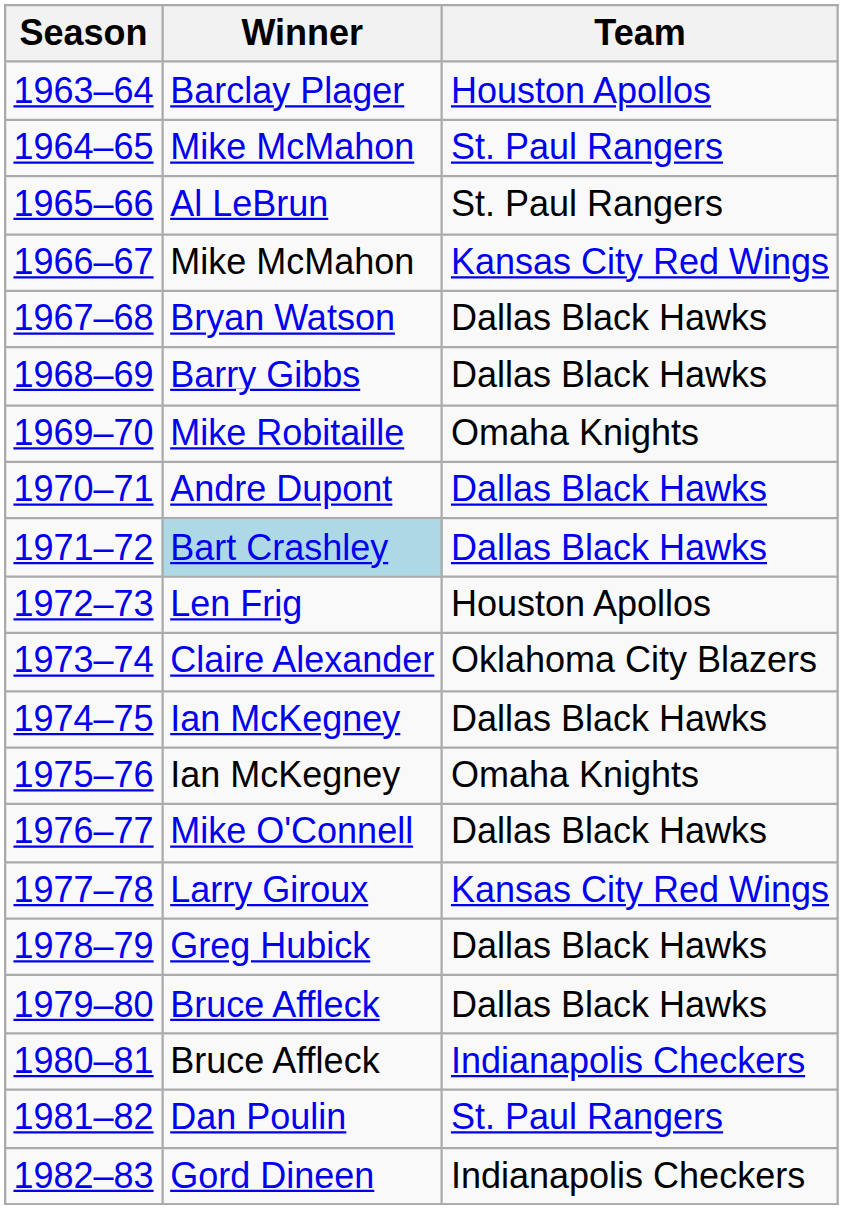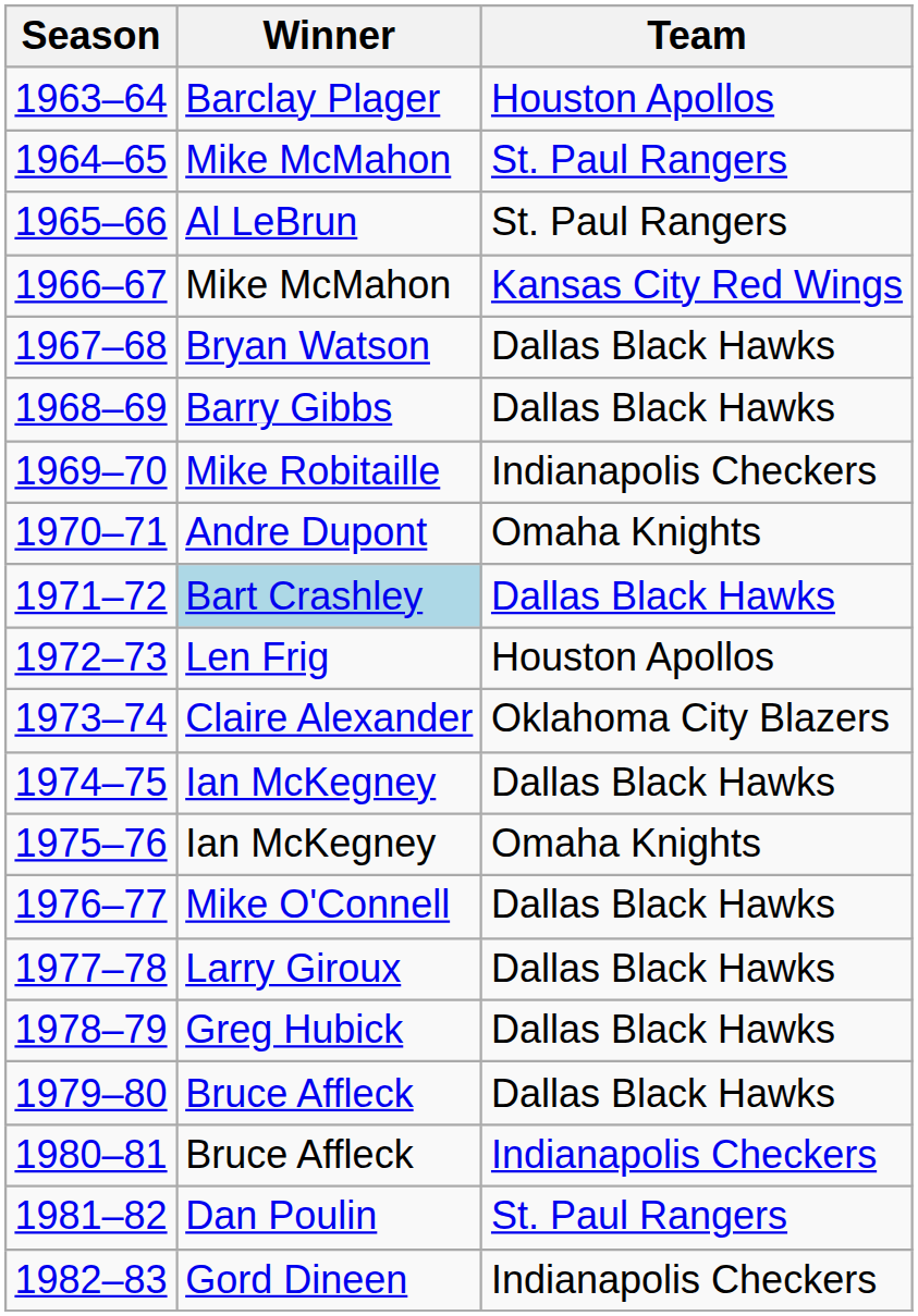 <table class="wikitable sortable" style="width=60%">
 <tr>
 <th>Season</th>
 <th>Winner</th>
 <th>Team</th>
 </tr>
 <tr>
 <td><a href='#'>1963–64</a></td>
 <td><a href='#'>Barclay Plager</a></td>
 <td><a href='#'>Houston Apollos</a></td>
 </tr>
 <tr>
 <td><a href='#'>1964–65</a></td>
 <td><a href='#'>Mike McMahon</a></td>
 <td><a href='#'>St. Paul Rangers</a></td>
 </tr>
 <tr>
 <td><a href='#'>1965–66</a></td>
 <td><a href='#'>Al LeBrun</a></td>
 <td>St. Paul Rangers</td>
 </tr>
 <tr>
 <td><a href='#'>1966–67</a></td>
 <td>Mike McMahon</td>
 <td><a href='#'>Kansas City Red Wings</a></td>
 </tr>
 <tr>
 <td><a href='#'>1967–68</a></td>
 <td><a href='#'>Bryan Watson</a></td>
 <td>Dallas Black Hawks</td>
 </tr>
 <tr>
 <td><a href='#'>1968–69</a></td>
 <td><a href='#'>Barry Gibbs</a></td>
 <td>Dallas Black Hawks</td>
 </tr>
 <tr>
 <td><a href='#'>1969–70</a></td>
 <td><a href='#'>Mike Robitaille</a></td>
-<td>Omaha Knights</td>
+<td>Indianapolis Checkers</td>
 </tr>
 <tr>
 <td><a href='#'>1970–71</a></td>
 <td><a href='#'>Andre Dupont</a></td>
-<td><a href='#'>Dallas Black Hawks</a></td>
+<td>Omaha Knights</td>
 </tr>
 <tr>
 <td><a href='#'>1971–72</a></td>
 <td style="background: lightblue;"><a href='#'>Bart Crashley</a></td>
 <td><a href='#'>Dallas Black Hawks</a></td>
 </tr>
 <tr>
 <td><a href='#'>1972–73</a></td>
 <td><a href='#'>Len Frig</a></td>
 <td>Houston Apollos</td>
 </tr>
 <tr>
 <td><a href='#'>1973–74</a></td>
 <td><a href='#'>Claire Alexander</a></td>
 <td>Oklahoma City Blazers</td>
 </tr>
 <tr>
 <td><a href='#'>1974–75</a></td>
 <td><a href='#'>Ian McKegney</a></td>
 <td>Dallas Black Hawks</td>
 </tr>
 <tr>
 <td><a href='#'>1975–76</a></td>
 <td>Ian McKegney</td>
 <td>Omaha Knights</td>
 </tr>
 <tr>
 <td><a href='#'>1976–77</a></td>
 <td><a href='#'>Mike O'Connell</a></td>
 <td>Dallas Black Hawks</td>
 </tr>
 <tr>
 <td><a href='#'>1977–78</a></td>
 <td><a href='#'>Larry Giroux</a></td>
-<td><a href='#'>Kansas City Red Wings</a></td>
+<td>Dallas Black Hawks</td>
 </tr>
 <tr>
 <td><a href='#'>1978–79</a></td>
 <td><a href='#'>Greg Hubick</a></td>
 <td>Dallas Black Hawks</td>
 </tr>
 <tr>
 <td><a href='#'>1979–80</a></td>
 <td><a href='#'>Bruce Affleck</a></td>
 <td>Dallas Black Hawks</td>
 </tr>
 <tr>
 <td><a href='#'>1980–81</a></td>
 <td>Bruce Affleck</td>
 <td><a href='#'>Indianapolis Checkers</a></td>
 </tr>
 <tr>
 <td><a href='#'>1981–82</a></td>
 <td><a href='#'>Dan Poulin</a></td>
 <td><a href='#'>St. Paul Rangers</a></td>
 </tr>
 <tr>
 <td><a href='#'>1982–83</a></td>
 <td><a href='#'>Gord Dineen</a></td>
 <td>Indianapolis Checkers</td>
 </tr>
 <tr>
 </tr>
 </table>
